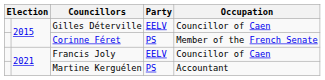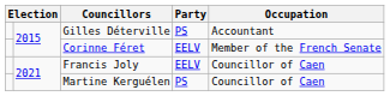 <table class="wikitable">
 <tr>
 <th colspan="2">Election</th>
 <th>Councillors</th>
 <th>Party</th>
 <th>Occupation</th>
 </tr>
 <tr>
 <td style="background-color: "></td>
 <td rowspan="2"><a href='#'>2015</a></td>
 <td>Gilles Déterville</td>
-<td><a href='#'>EELV</a></td>
-<td>Councillor of <a href='#'>Caen</a></td>
+<td><a href='#'>PS</a></td>
+<td>Accountant</td>
 </tr>
 <tr>
 <td style="background-color: "></td>
 <td><a href='#'>Corinne Féret</a></td>
-<td><a href='#'>PS</a></td>
+<td><a href='#'>EELV</a></td>
 <td>Member of the <a href='#'>French Senate</a></td>
 </tr>
 <tr>
 <td style="background-color: "></td>
 <td rowspan="2"><a href='#'>2021</a></td>
 <td>Francis Joly</td>
 <td><a href='#'>EELV</a></td>
 <td>Councillor of <a href='#'>Caen</a></td>
 </tr>
 <tr>
 <td style="background-color: "></td>
 <td>Martine Kerguélen</td>
 <td><a href='#'>PS</a></td>
-<td>Accountant</td>
+<td>Councillor of <a href='#'>Caen</a></td>
 </tr>
 </table>
